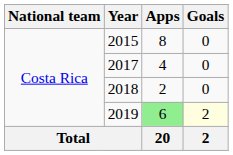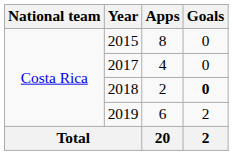 <table class="wikitable" style="text-align: center;">
 <tr>
 <th>National team</th>
 <th>Year</th>
 <th>Apps</th>
 <th>Goals</th>
 </tr>
 <tr>
 <td rowspan=4><a href='#'>Costa Rica</a></td>
 <td>2015</td>
 <td>8</td>
 <td>0</td>
 </tr>
 <tr>
 <td>2017</td>
 <td>4</td>
 <td>0</td>
 </tr>
 <tr>
 <td>2018</td>
 <td>2</td>
-<td>0</td>
+<td><strong>0</strong></td>
 </tr>
 <tr>
 <td>2019</td>
-<td style="background: lightgreen;">6</td>
-<td style="background: lightyellow;">2</td>
+<td>6</td>
+<td>2</td>
 </tr>
 <tr>
 <th colspan=2>Total</th>
 <th>20</th>
 <th>2</th>
 </tr>
 </table>
